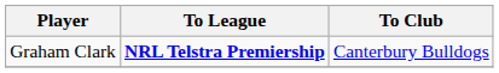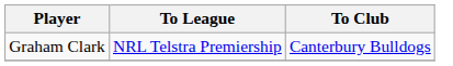 <table class="wikitable" style="font-size:90%">
 <tr bgcolor="#efefef">
 <th width=" ">Player</th>
 <th width=" ">To League</th>
 <th width=" ">To Club</th>
 </tr>
 <tr>
 <td>  Graham Clark</td>
-<td><strong><a href='#'>NRL Telstra Premiership</a></strong></td>
+<td><a href='#'>NRL Telstra Premiership</a></td>
 <td> <a href='#'>Canterbury Bulldogs</a></td>
 </tr>
 <tr>
 </tr>
 </table>
